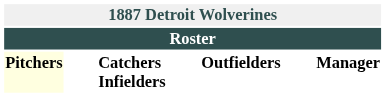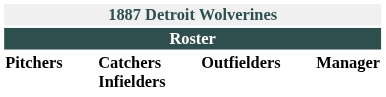 <table class="toccolours" style="font-size: 95%;">
 <tr>
 <th colspan="10" style="background-color: #F0F0F0; color: #2F4F4F; text-align: center;">1887 Detroit Wolverines</th>
 </tr>
 <tr>
 <td colspan="10" style="background-color: #2F4F4F; color: white; text-align: center;"><strong>Roster</strong></td>
 </tr>
 <tr>
-<td valign="top" style="background: lightyellow;"><strong>Pitchers</strong><br>      </td>
+<td valign="top"><strong>Pitchers</strong><br>      </td>
 <td width="25px"></td>
 <td valign="top"><strong>Catchers</strong><br>   <strong>Infielders</strong>      </td>
 <td width="25px"></td>
 <td valign="top"><strong>Outfielders</strong><br>   </td>
 <td width="25px"></td>
 <td valign="top"><strong>Manager</strong><br></td>
 </tr>
 </table>
